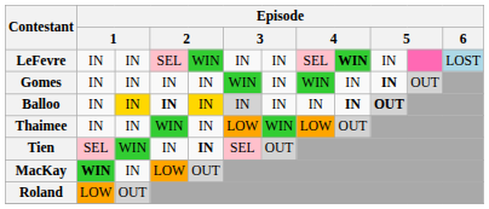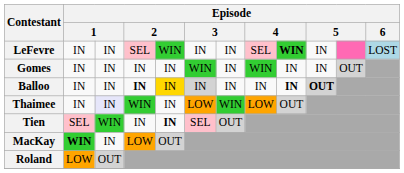 <table class="wikitable" style="text-align: center;">
 <tr>
 <th rowspan="2">Contestant</th>
 <th colspan="30">Episode</th>
 </tr>
 <tr>
 <th colspan="2">1</th>
 <th colspan="2">2</th>
 <th colspan="2">3</th>
 <th colspan="2">4</th>
 <th colspan="2">5</th>
 <th colspan="2">6</th>
 </tr>
 <tr>
 <th>LeFevre</th>
 <td>IN</td>
 <td>IN</td>
 <td style="background:pink;">SEL</td>
 <td style="background:limegreen;">WIN</td>
 <td>IN</td>
 <td>IN</td>
 <td style="background:pink;">SEL</td>
 <td style="background:limegreen;"><strong>WIN</strong></td>
 <td>IN</td>
 <td style="background:hotpink;"></td>
 <td style="background:lightblue;">LOST</td>
 </tr>
 <tr>
 <th>Gomes</th>
 <td>IN</td>
 <td>IN</td>
 <td>IN</td>
 <td>IN</td>
 <td style="background:limegreen;">WIN</td>
 <td>IN</td>
 <td style="background:limegreen;">WIN</td>
 <td>IN</td>
-<td><strong>IN</strong></td>
+<td>IN</td>
 <td style="background:lightgrey;">OUT</td>
 <td style="background:darkgrey;" colspan="30"></td>
 </tr>
 <tr>
 <th>Balloo</th>
 <td>IN</td>
-<td style="background: gold;">IN</td>
+<td>IN</td>
 <td><strong>IN</strong></td>
 <td style="background: gold;">IN</td>
 <td style="background: lightgrey;">IN</td>
 <td>IN</td>
 <td>IN</td>
 <td><strong>IN</strong></td>
 <td style="background:lightgrey;"><strong>OUT</strong></td>
 <td style="background:darkgrey;" colspan="30"></td>
 </tr>
 <tr>
 <th>Thaimee</th>
 <td>IN</td>
-<td>IN</td>
+<td style="background: lavender;">IN</td>
 <td style="background:limegreen;">WIN</td>
 <td>IN</td>
 <td style="background:orange;">LOW</td>
 <td style="background:limegreen;">WIN</td>
 <td style="background:orange;">LOW</td>
 <td style="background:lightgrey;">OUT</td>
 <td style="background:darkgrey;" colspan="30"></td>
 </tr>
 <tr>
 <th>Tien</th>
 <td style="background:pink;">SEL</td>
 <td style="background:limegreen;">WIN</td>
 <td>IN</td>
 <td><strong>IN</strong></td>
 <td style="background:pink;">SEL</td>
 <td style="background:lightgrey;">OUT</td>
 <td style="background:darkgrey;" colspan="30"></td>
 </tr>
 <tr>
 <th>MacKay</th>
 <td style="background:limegreen;"><strong>WIN</strong></td>
 <td>IN</td>
 <td style="background:orange;">LOW</td>
 <td style="background:lightgrey;">OUT</td>
 <td style="background:darkgrey;" colspan="30"></td>
 </tr>
 <tr>
 <th>Roland</th>
 <td style="background:orange;">LOW</td>
 <td style="background:lightgrey;">OUT</td>
 <td style="background:darkgrey;" colspan="30"></td>
 </tr>
 <tr>
 </tr>
 </table>
